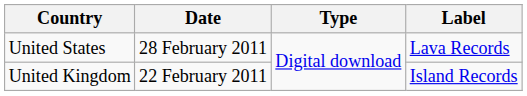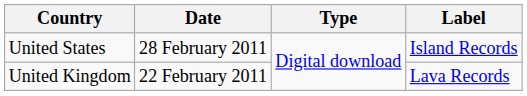 <table class="wikitable">
 <tr>
 <th>Country</th>
 <th>Date</th>
 <th>Type</th>
 <th>Label</th>
 </tr>
 <tr>
 <td>United States</td>
 <td>28 February 2011</td>
 <td rowspan="2"><a href='#'>Digital download</a></td>
-<td><a href='#'>Lava Records</a></td>
+<td><a href='#'>Island Records</a></td>
 </tr>
 <tr>
 <td>United Kingdom</td>
 <td>22 February 2011</td>
-<td><a href='#'>Island Records</a></td>
+<td><a href='#'>Lava Records</a></td>
 </tr>
 </table>
